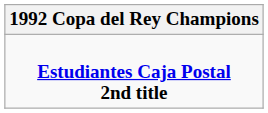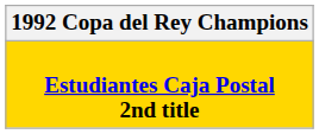 <table class=wikitable style="text-align:center; margin:auto">
 <tr>
 <th>1992 Copa del Rey Champions</th>
 </tr>
 <tr>
-<td><br> <strong><a href='#'>Estudiantes Caja Postal</a></strong> <br> <strong>2nd title</strong></td>
+<td style="background: gold;"><br> <strong><a href='#'>Estudiantes Caja Postal</a></strong> <br> <strong>2nd title</strong></td>
 </tr>
 </table>
